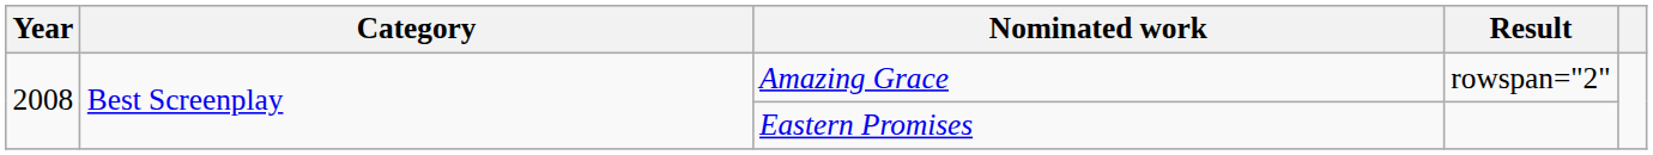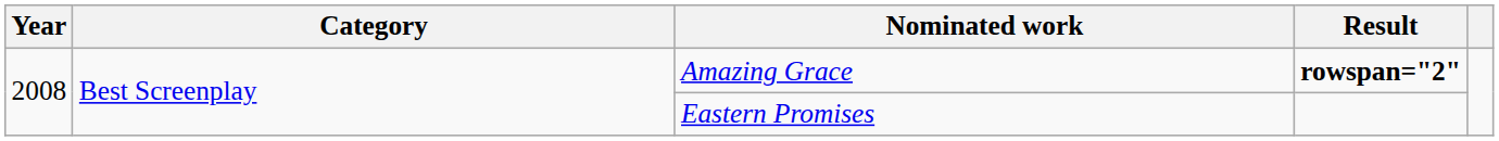 <table class="wikitable sortable">
 <tr>
 <th scope="col" style="width:1em;">Year</th>
 <th scope="col" style="width:39em;">Category</th>
 <th scope="col" style="width:40em;">Nominated work</th>
 <th scope="col" style="width:5em;">Result</th>
 <th scope="col" style="width:1em;"class="unsortable"></th>
 </tr>
 <tr>
 <td rowspan="2">2008</td>
 <td rowspan="2"><a href='#'>Best Screenplay</a></td>
 <td><em><a href='#'>Amazing Grace</a></em></td>
-<td>rowspan="2" </td>
+<td><strong>rowspan="2" </strong></td>
 <td rowspan="2"></td>
 </tr>
 <tr>
 <td><em><a href='#'>Eastern Promises</a></em></td>
 </tr>
 </table>
